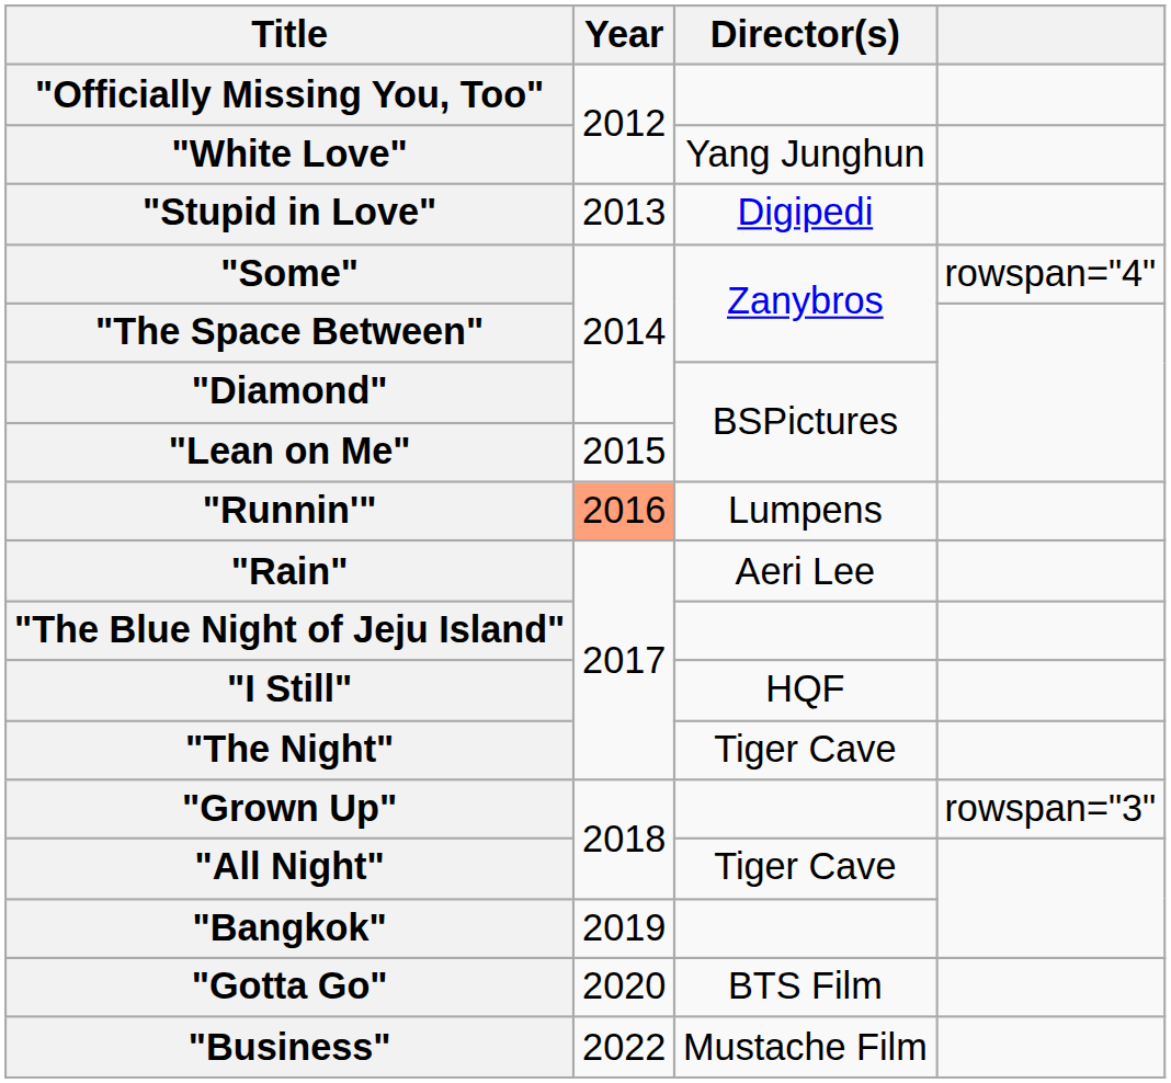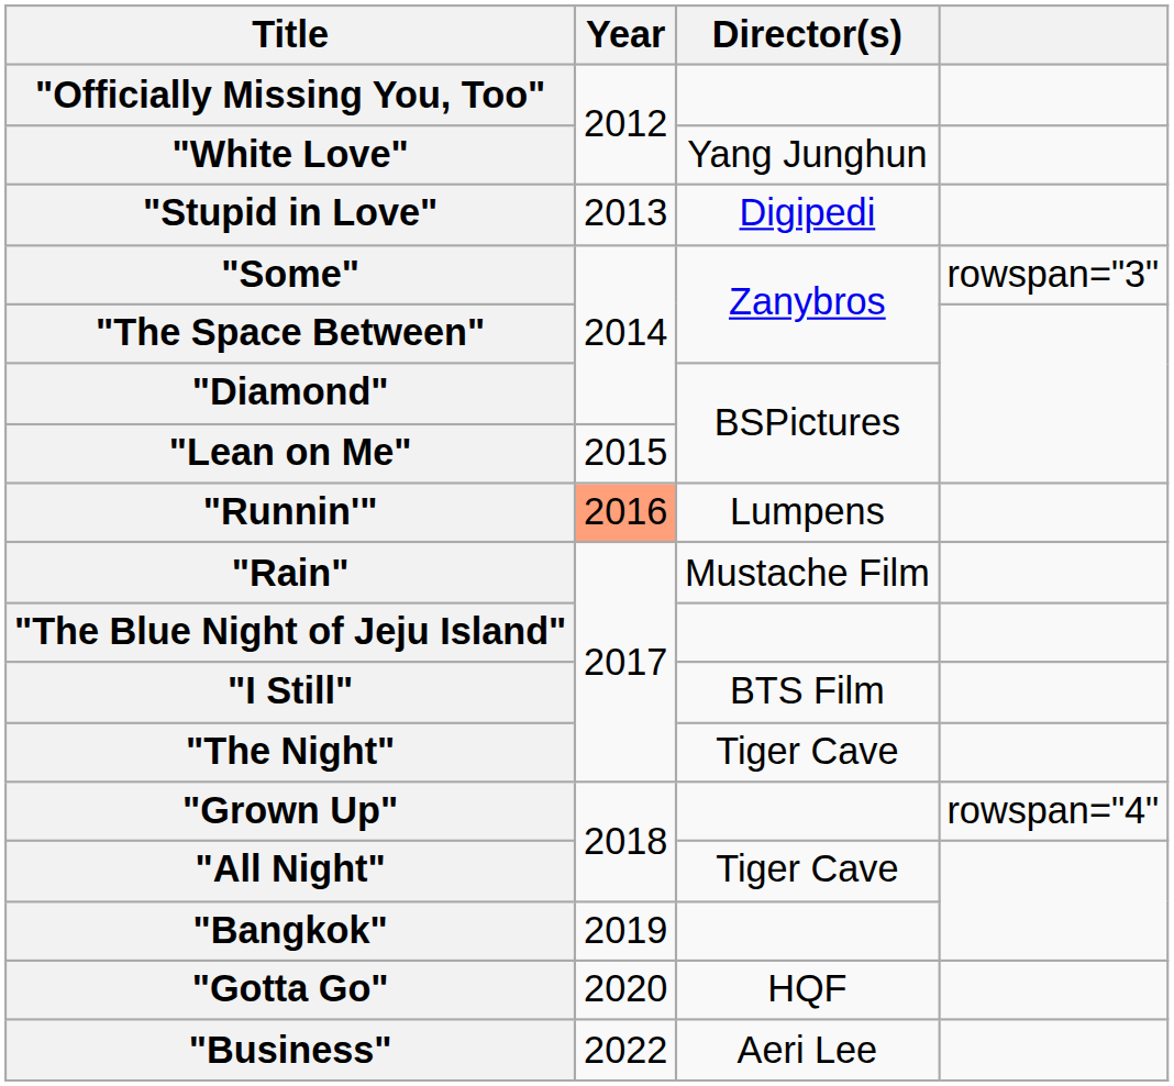 <table class="wikitable plainrowheaders" style="text-align:center; table-layout:fixed; margin-right:0">
 <tr>
 <th scope="col">Title</th>
 <th scope="col">Year</th>
 <th>Director(s)</th>
 <th scope="col" class="unsortable"></th>
 </tr>
 <tr>
 <th scope="row">"Officially Missing You, Too"</th>
 <td rowspan="2">2012</td>
 <td></td>
 <td></td>
 </tr>
 <tr>
 <th scope="row">"White Love"</th>
 <td>Yang Junghun</td>
 <td></td>
 </tr>
 <tr>
 <th scope="row">"Stupid in Love"</th>
 <td>2013</td>
 <td><a href='#'>Digipedi</a></td>
 <td></td>
 </tr>
 <tr>
 <th scope="row">"Some"</th>
 <td rowspan="3">2014</td>
 <td rowspan="2"><a href='#'>Zanybros</a></td>
-<td>rowspan="4" </td>
+<td>rowspan="3" </td>
 </tr>
 <tr>
 <th scope="row">"The Space Between"</th>
 </tr>
 <tr>
 <th scope="row">"Diamond"</th>
 <td rowspan="2">BSPictures</td>
 </tr>
 <tr>
 <th scope="row">"Lean on Me"</th>
 <td>2015</td>
 </tr>
 <tr>
 <th scope="row">"Runnin'"</th>
 <td style="background: lightsalmon;">2016</td>
 <td>Lumpens</td>
 <td></td>
 </tr>
 <tr>
 <th scope="row">"Rain"</th>
 <td rowspan="4">2017</td>
-<td>Aeri Lee<br></td>
+<td>Mustache Film</td>
 <td></td>
 </tr>
 <tr>
 <th scope="row">"The Blue Night of Jeju Island"</th>
 <td></td>
 <td></td>
 </tr>
 <tr>
 <th scope="row">"I Still"</th>
-<td>HQF</td>
+<td>BTS Film</td>
 <td></td>
 </tr>
 <tr>
 <th scope="row">"The Night"</th>
 <td>Tiger Cave</td>
 <td></td>
 </tr>
 <tr>
 <th scope="row">"Grown Up"</th>
 <td rowspan="2">2018</td>
 <td></td>
-<td>rowspan="3" </td>
+<td>rowspan="4" </td>
 </tr>
 <tr>
 <th scope="row">"All Night"</th>
 <td>Tiger Cave</td>
 </tr>
 <tr>
 <th scope="row">"Bangkok"</th>
 <td>2019</td>
 <td></td>
 </tr>
 <tr>
 <th scope="row">"Gotta Go"</th>
 <td>2020</td>
-<td>BTS Film</td>
+<td>HQF</td>
 <td></td>
 </tr>
 <tr>
 <th scope="row">"Business"<br></th>
 <td>2022</td>
-<td>Mustache Film</td>
+<td>Aeri Lee<br></td>
 <td></td>
 </tr>
 </table>
